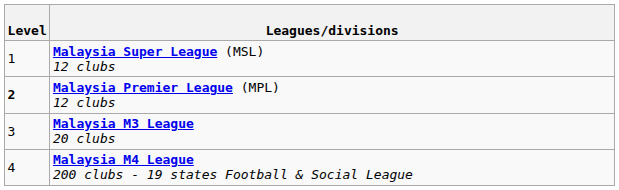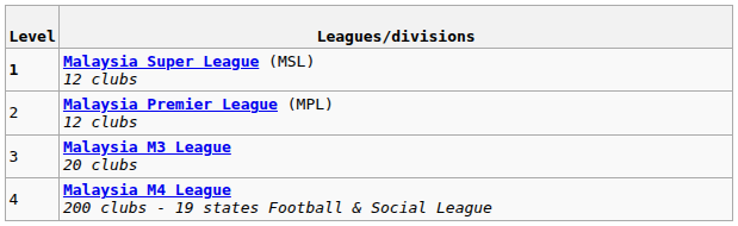 <table class="wikitable" style="text-align: centre;">
 <tr>
 <th colspan="1" width="4%"><br>Level</th>
 <th colspan="2" width="96%"><br>Leagues/divisions</th>
 </tr>
 <tr>
-<td>1</td>
+<td><strong>1</strong></td>
 <td><strong><a href='#'>Malaysia Super League</a></strong> (MSL)<br><em>12 clubs</em></td>
 </tr>
 <tr>
-<td><strong>2</strong></td>
+<td>2</td>
 <td><strong><a href='#'>Malaysia Premier League</a></strong> (MPL)<br><em>12 clubs</em></td>
 </tr>
 <tr>
 <td>3</td>
 <td><strong><a href='#'>Malaysia M3 League</a></strong><br><em>20 clubs</em></td>
 </tr>
 <tr>
 <td>4</td>
 <td><strong><a href='#'>Malaysia M4 League</a></strong><br><em>200 clubs - 19 states Football & Social League</em></td>
 </tr>
 </table>
